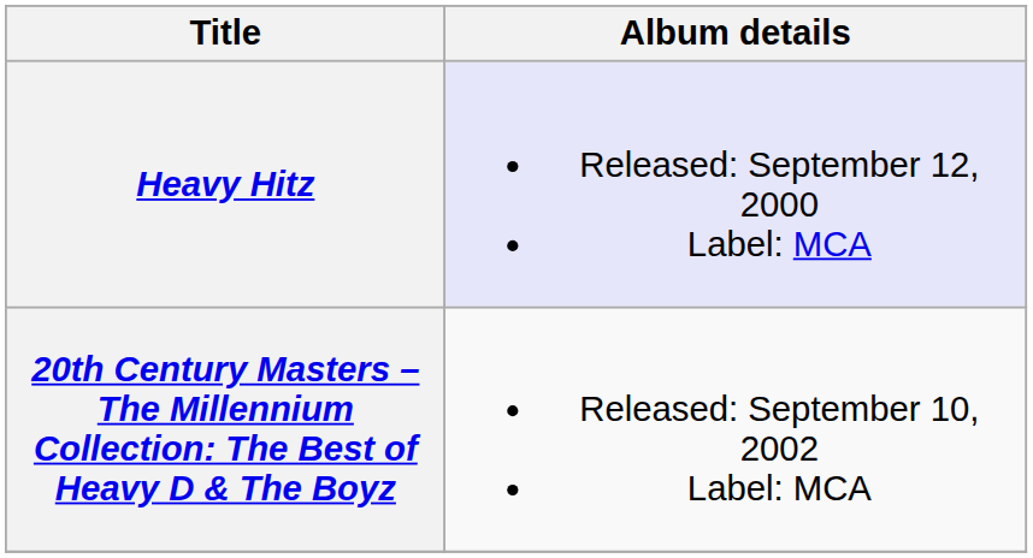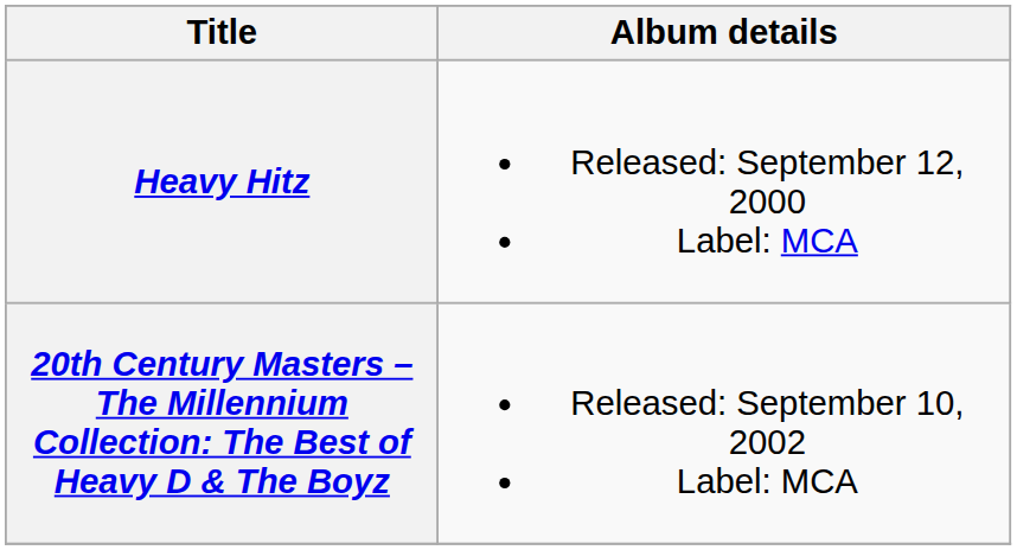 <table class="wikitable plainrowheaders" style="text-align:center;" border="1">
 <tr>
 <th scope="col" style="width:12em;">Title</th>
 <th scope="col" style="width:16em;">Album details</th>
 </tr>
 <tr>
 <th scope="row"><em><a href='#'>Heavy Hitz</a></em></th>
-<td style="background: lavender;"><br><ul><li>Released: September 12, 2000</li><li>Label: <a href='#'>MCA</a></li></ul></td>
+<td><br><ul><li>Released: September 12, 2000</li><li>Label: <a href='#'>MCA</a></li></ul></td>
 </tr>
 <tr>
 <th scope="row"><em><a href='#'>20th Century Masters – The Millennium Collection: The Best of Heavy D & The Boyz</a></em></th>
 <td><br><ul><li>Released: September 10, 2002</li><li>Label: MCA</li></ul></td>
 </tr>
 <tr>
 </tr>
 </table>
